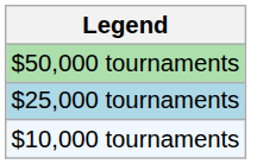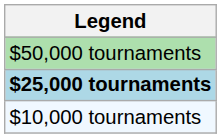 <table class="wikitable" style="font-size:90%;">
 <tr>
 <th>Legend</th>
 </tr>
 <tr style="background:#addfad;">
 <td>$50,000 tournaments</td>
 </tr>
 <tr style="background:lightblue;">
-<td>$25,000 tournaments</td>
+<td><strong>$25,000 tournaments</strong></td>
 </tr>
 <tr style="background:#f0f8ff;">
 <td>$10,000 tournaments</td>
 </tr>
 </table>
